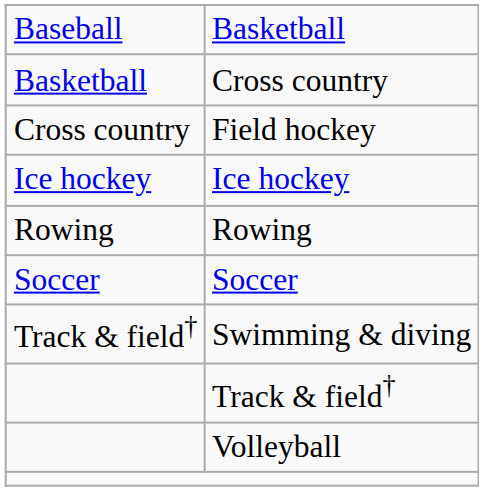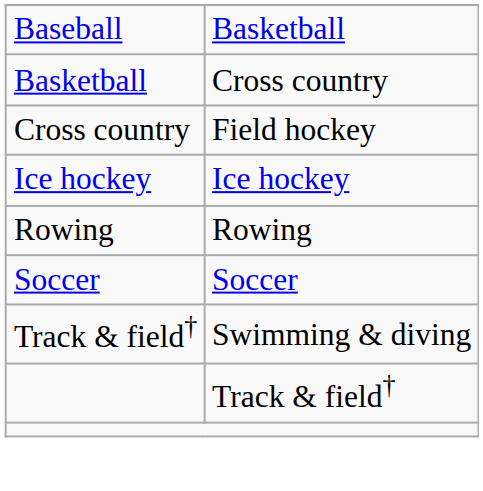 <table class="wikitable" style="float:right; clear:right; margin:0 0 1em 1em;">
 <tr>
 </tr>
 <tr>
 <td><a href='#'>Baseball</a></td>
 <td><a href='#'>Basketball</a></td>
 </tr>
 <tr>
 <td><a href='#'>Basketball</a></td>
 <td>Cross country</td>
 </tr>
 <tr>
 <td>Cross country</td>
 <td>Field hockey</td>
 </tr>
 <tr>
 <td><a href='#'>Ice hockey</a></td>
 <td><a href='#'>Ice hockey</a></td>
 </tr>
 <tr>
 <td>Rowing</td>
 <td>Rowing</td>
 </tr>
 <tr>
 <td><a href='#'>Soccer</a></td>
 <td><a href='#'>Soccer</a></td>
 </tr>
 <tr>
 <td>Track & field<sup>†</sup></td>
 <td>Swimming & diving</td>
 </tr>
 <tr>
 <td></td>
 <td>Track & field<sup>†</sup></td>
 </tr>
 <tr>
-<td></td>
-<td>Volleyball</td>
-</tr>
-<tr>
 <td colspan="2"></td>
 </tr>
 </table>
